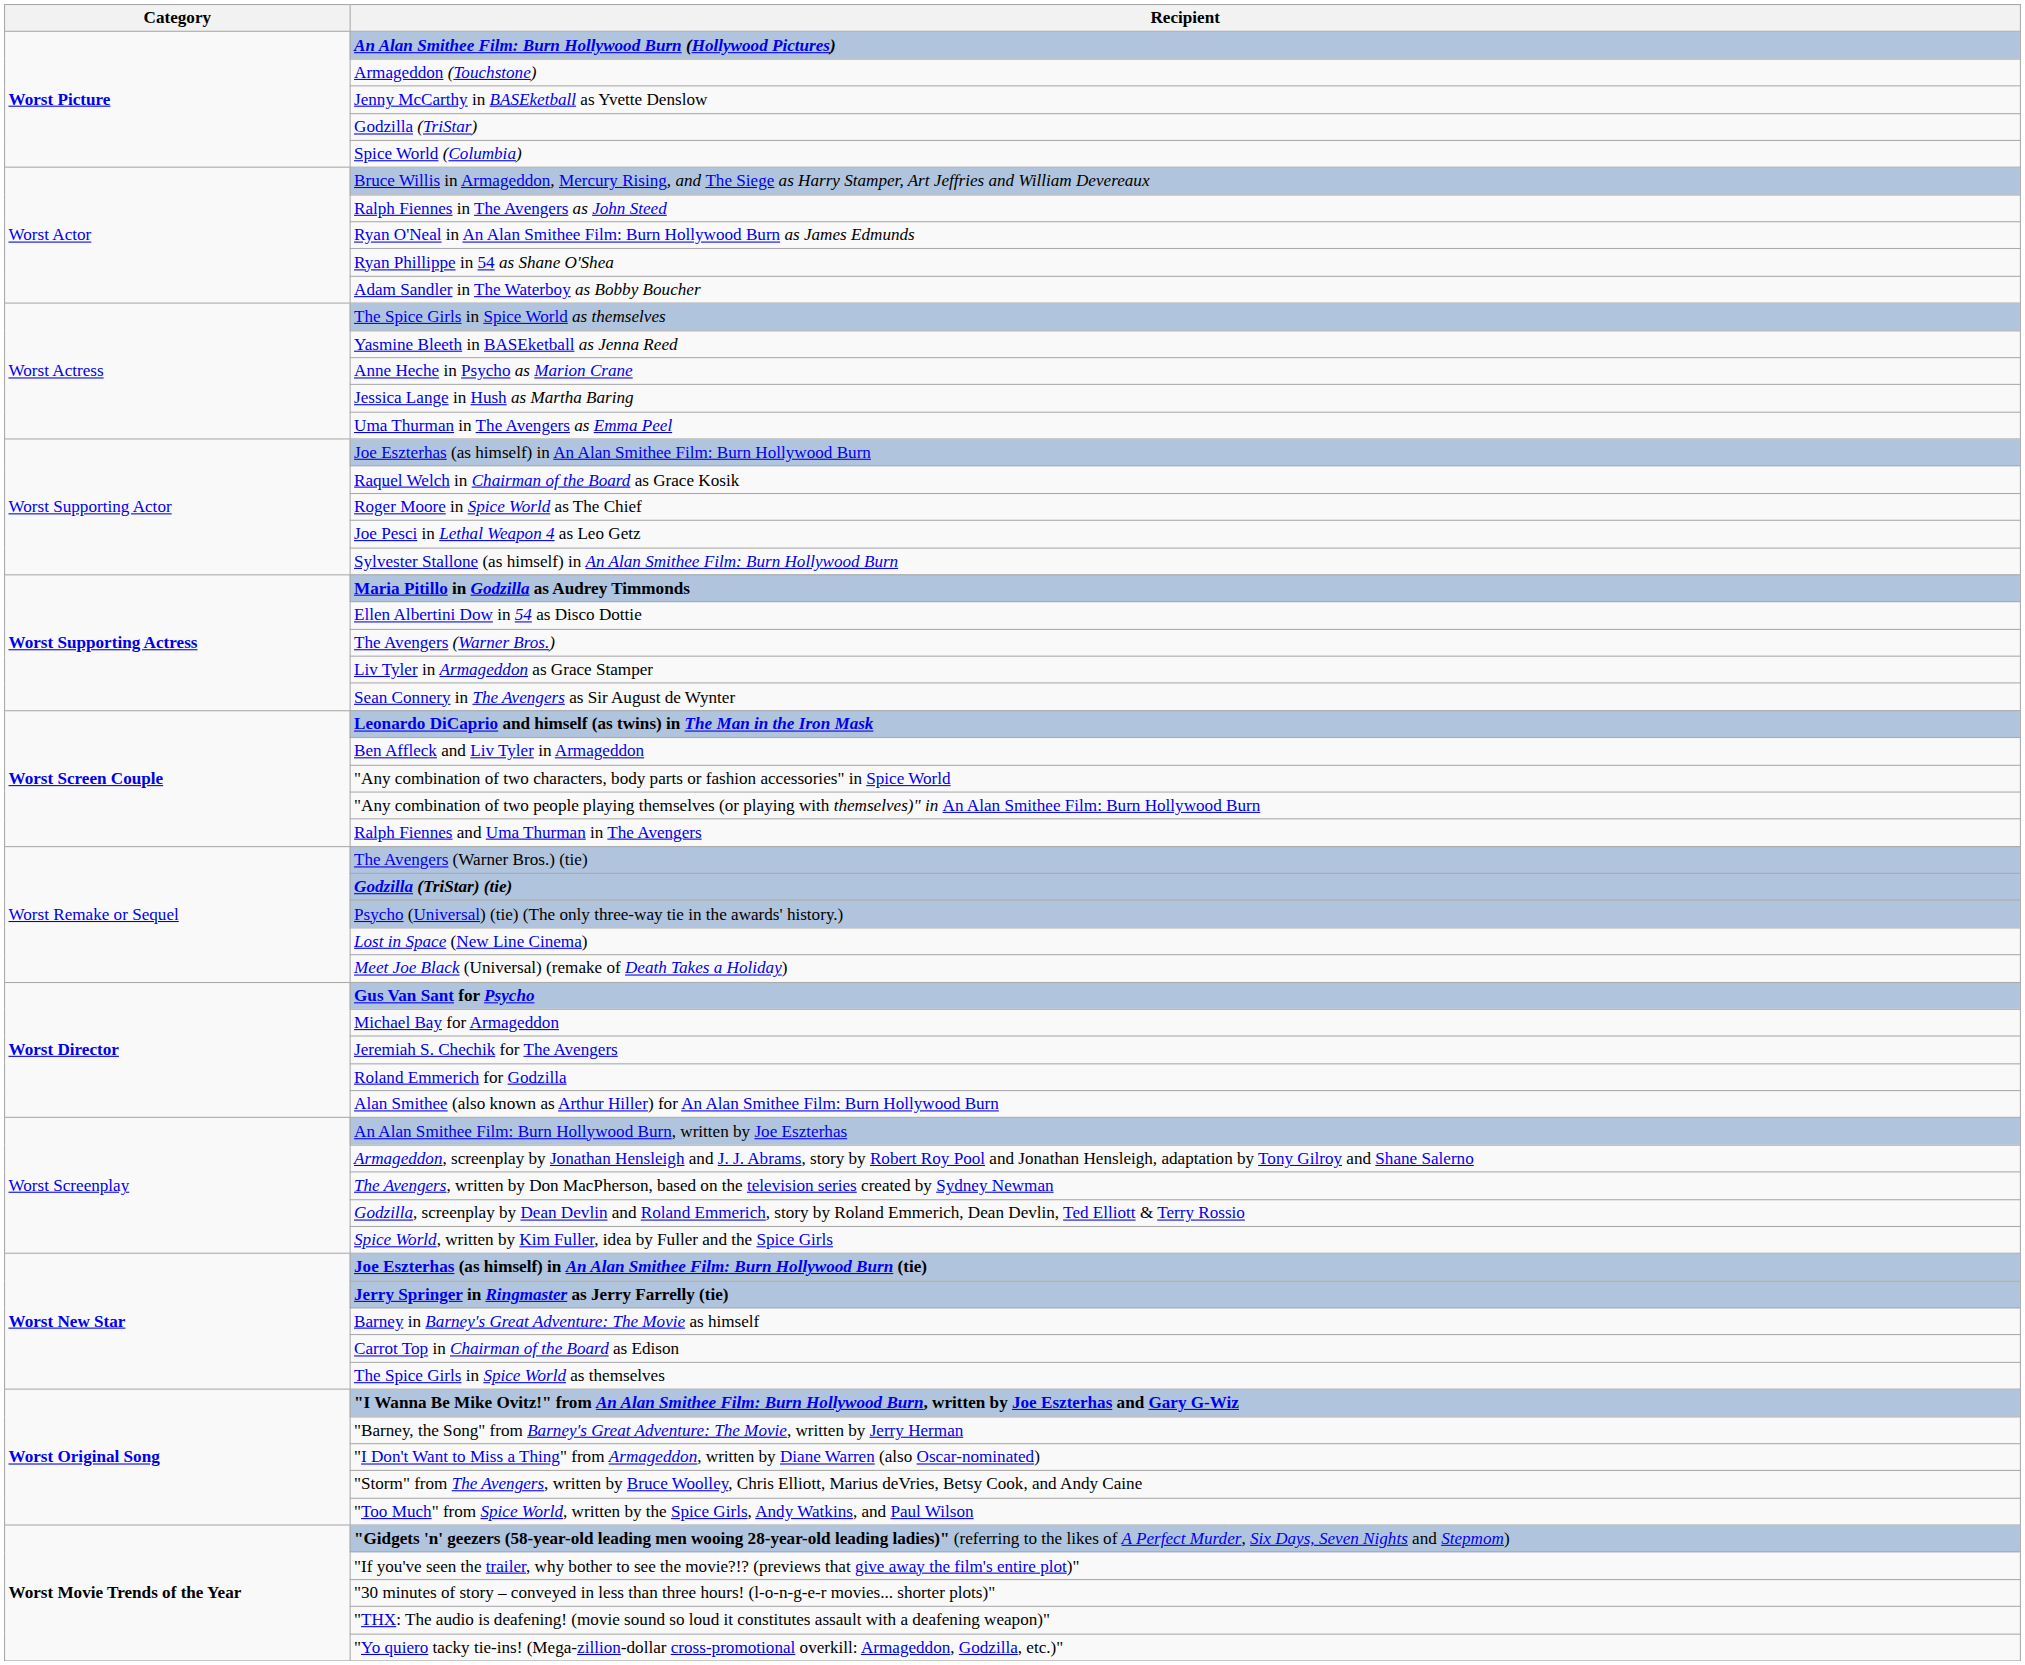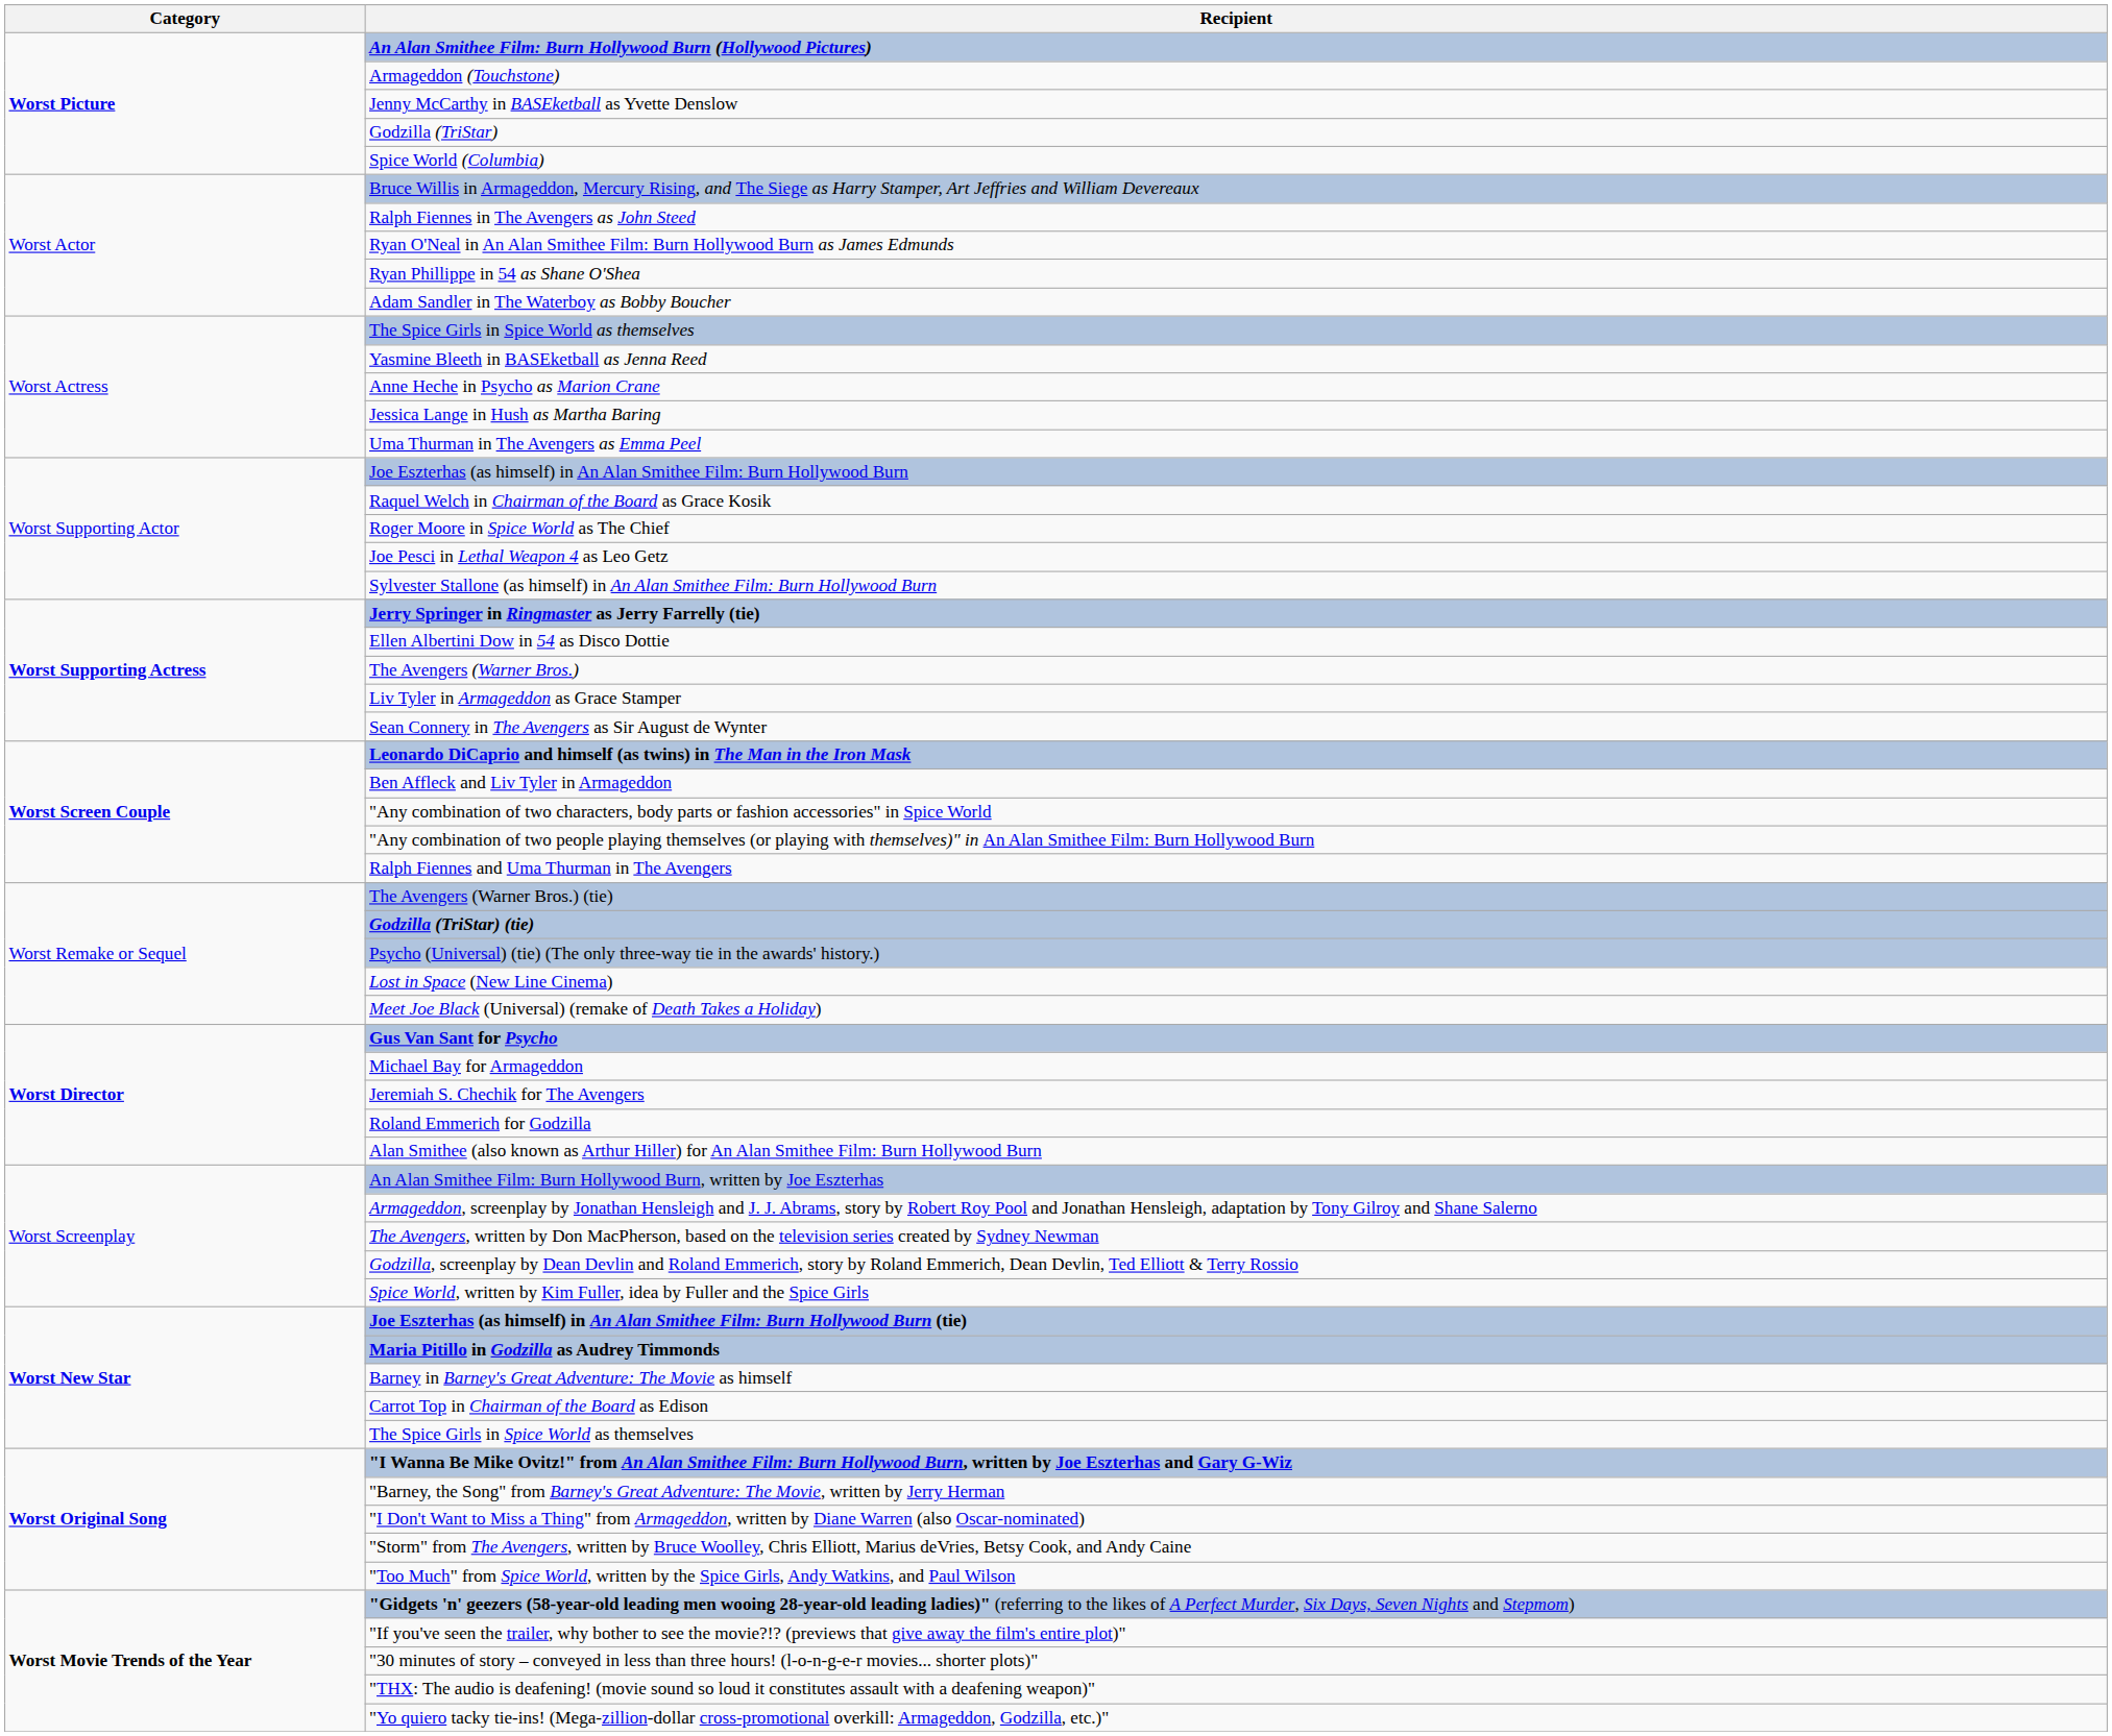 <table class="wikitable" width="95%" align="centre">
 <tr>
 <th>Category</th>
 <th>Recipient</th>
 </tr>
 <tr>
 <td rowspan=5><strong><a href='#'>Worst Picture</a></strong></td>
 <td style="background:#B0C4DE;"><strong><em><a href='#'>An Alan Smithee Film: Burn Hollywood Burn</a><em> (<a href='#'>Hollywood Pictures</a>)<strong></td>
 </tr>
 <tr>
 <td></em><a href='#'>Armageddon</a><em> (<a href='#'>Touchstone</a>)</td>
 </tr>
 <tr>
 <td><a href='#'>Jenny McCarthy</a> in <em><a href='#'>BASEketball</a></em> as Yvette Denslow</td>
 </tr>
 <tr>
 <td></em><a href='#'>Godzilla</a><em> (<a href='#'>TriStar</a>)</td>
 </tr>
 <tr>
 <td></em><a href='#'>Spice World</a><em> (<a href='#'>Columbia</a>)</td>
 </tr>
 <tr>
 <td rowspan=5></strong><a href='#'>Worst Actor</a><strong></td>
 <td style="background:#B0C4DE;"></strong><a href='#'>Bruce Willis</a> in </em><a href='#'>Armageddon</a><em>, </em><a href='#'>Mercury Rising</a><em>, and </em><a href='#'>The Siege</a><em> as Harry Stamper, Art Jeffries and William Devereaux<strong></td>
 </tr>
 <tr>
 <td><a href='#'>Ralph Fiennes</a> in </em><a href='#'>The Avengers</a><em> as <a href='#'>John Steed</a></td>
 </tr>
 <tr>
 <td><a href='#'>Ryan O'Neal</a> in </em><a href='#'>An Alan Smithee Film: Burn Hollywood Burn</a><em> as James Edmunds</td>
 </tr>
 <tr>
 <td><a href='#'>Ryan Phillippe</a> in </em><a href='#'>54</a><em> as Shane O'Shea</td>
 </tr>
 <tr>
 <td><a href='#'>Adam Sandler</a> in </em><a href='#'>The Waterboy</a><em> as Bobby Boucher</td>
 </tr>
 <tr>
 <td rowspan=5></strong><a href='#'>Worst Actress</a><strong></td>
 <td style="background:#B0C4DE;"></strong><a href='#'>The Spice Girls</a> in </em><a href='#'>Spice World</a><em> as themselves<strong></td>
 </tr>
 <tr>
 <td><a href='#'>Yasmine Bleeth</a> in </em><a href='#'>BASEketball</a><em> as Jenna Reed</td>
 </tr>
 <tr>
 <td><a href='#'>Anne Heche</a> in </em><a href='#'>Psycho</a><em> as <a href='#'>Marion Crane</a></td>
 </tr>
 <tr>
 <td><a href='#'>Jessica Lange</a> in </em><a href='#'>Hush</a><em> as Martha Baring</td>
 </tr>
 <tr>
 <td><a href='#'>Uma Thurman</a> in </em><a href='#'>The Avengers</a><em> as <a href='#'>Emma Peel</a></td>
 </tr>
 <tr>
 <td rowspan=5></strong><a href='#'>Worst Supporting Actor</a><strong></td>
 <td style="background:#B0C4DE;"></strong><a href='#'>Joe Eszterhas</a> (as himself) in </em><a href='#'>An Alan Smithee Film: Burn Hollywood Burn</a></em></strong></td>
 </tr>
 <tr>
 <td><a href='#'>Raquel Welch</a> in <em><a href='#'>Chairman of the Board</a></em> as Grace Kosik</td>
 </tr>
 <tr>
 <td><a href='#'>Roger Moore</a> in <em><a href='#'>Spice World</a></em> as The Chief</td>
 </tr>
 <tr>
 <td><a href='#'>Joe Pesci</a> in <em><a href='#'>Lethal Weapon 4</a></em> as Leo Getz</td>
 </tr>
 <tr>
 <td><a href='#'>Sylvester Stallone</a> (as himself) in <em><a href='#'>An Alan Smithee Film: Burn Hollywood Burn</a></em></td>
 </tr>
 <tr>
 <td rowspan=5><strong><a href='#'>Worst Supporting Actress</a></strong></td>
-<td style="background:#B0C4DE;"><strong><a href='#'>Maria Pitillo</a> in <em><a href='#'>Godzilla</a></em> as Audrey Timmonds</strong></td>
+<td style="background:#B0C4DE;"><strong><a href='#'>Jerry Springer</a> in <em><a href='#'>Ringmaster</a></em> as Jerry Farrelly (tie)</strong></td>
 </tr>
 <tr>
 <td><a href='#'>Ellen Albertini Dow</a> in <em><a href='#'>54</a></em> as Disco Dottie</td>
 </tr>
 <tr>
 <td></em><a href='#'>The Avengers</a><em> (<a href='#'>Warner Bros.</a>)</td>
 </tr>
 <tr>
 <td><a href='#'>Liv Tyler</a> in <em><a href='#'>Armageddon</a></em> as Grace Stamper</td>
 </tr>
 <tr>
 <td><a href='#'>Sean Connery</a> in <em><a href='#'>The Avengers</a></em> as Sir August de Wynter</td>
 </tr>
 <tr>
 <td rowspan=5><strong><a href='#'>Worst Screen Couple</a></strong></td>
 <td style="background:#B0C4DE;"><strong><a href='#'>Leonardo DiCaprio</a> and himself (as twins) in <em><a href='#'>The Man in the Iron Mask</a><strong><em></td>
 </tr>
 <tr>
 <td><a href='#'>Ben Affleck</a> and <a href='#'>Liv Tyler</a> in </em><a href='#'>Armageddon</a><em></td>
 </tr>
 <tr>
 <td>"Any combination of two characters, body parts or fashion accessories" in </em><a href='#'>Spice World</a><em></td>
 </tr>
 <tr>
 <td>"Any combination of two people playing themselves (or playing </em>with<em> themselves)" in </em><a href='#'>An Alan Smithee Film: Burn Hollywood Burn</a><em></td>
 </tr>
 <tr>
 <td><a href='#'>Ralph Fiennes</a> and <a href='#'>Uma Thurman</a> in </em><a href='#'>The Avengers</a><em></td>
 </tr>
 <tr>
 <td rowspan=5></strong><a href='#'>Worst Remake or Sequel</a><strong></td>
 <td style="background:#B0C4DE;"></em></strong><a href='#'>The Avengers</a></em> (Warner Bros.) (tie)</strong></td>
 </tr>
 <tr>
 <td style="background:#B0C4DE;"><strong><em><a href='#'>Godzilla</a><em> (TriStar) (tie)<strong></td>
 </tr>
 <tr>
 <td style="background:#B0C4DE;"></em></strong><a href='#'>Psycho</a></em> (<a href='#'>Universal</a>) (tie)</strong> (The only three-way tie in the awards' history.)</td>
 </tr>
 <tr>
 <td><em><a href='#'>Lost in Space</a></em> (<a href='#'>New Line Cinema</a>)</td>
 </tr>
 <tr>
 <td><em><a href='#'>Meet Joe Black</a></em> (Universal) (remake of <em><a href='#'>Death Takes a Holiday</a></em>)</td>
 </tr>
 <tr>
 <td rowspan=5><strong><a href='#'>Worst Director</a></strong></td>
 <td style="background:#B0C4DE;"><strong><a href='#'>Gus Van Sant</a> for <em><a href='#'>Psycho</a><strong><em></td>
 </tr>
 <tr>
 <td><a href='#'>Michael Bay</a> for </em><a href='#'>Armageddon</a><em></td>
 </tr>
 <tr>
 <td><a href='#'>Jeremiah S. Chechik</a> for </em><a href='#'>The Avengers</a><em></td>
 </tr>
 <tr>
 <td><a href='#'>Roland Emmerich</a> for </em><a href='#'>Godzilla</a><em></td>
 </tr>
 <tr>
 <td><a href='#'>Alan Smithee</a> (also known as <a href='#'>Arthur Hiller</a>) for </em><a href='#'>An Alan Smithee Film: Burn Hollywood Burn</a><em></td>
 </tr>
 <tr>
 <td rowspan=5></strong><a href='#'>Worst Screenplay</a><strong></td>
 <td style="background:#B0C4DE;"></em></strong><a href='#'>An Alan Smithee Film: Burn Hollywood Burn</a></em>, written by <a href='#'>Joe Eszterhas</a></strong></td>
 </tr>
 <tr>
 <td><em><a href='#'>Armageddon</a></em>, screenplay by <a href='#'>Jonathan Hensleigh</a> and <a href='#'>J. J. Abrams</a>, story by <a href='#'>Robert Roy Pool</a> and Jonathan Hensleigh, adaptation by <a href='#'>Tony Gilroy</a> and <a href='#'>Shane Salerno</a></td>
 </tr>
 <tr>
 <td><em><a href='#'>The Avengers</a></em>, written by Don MacPherson, based on the <a href='#'>television series</a> created by <a href='#'>Sydney Newman</a></td>
 </tr>
 <tr>
 <td><em><a href='#'>Godzilla</a></em>, screenplay by <a href='#'>Dean Devlin</a> and <a href='#'>Roland Emmerich</a>, story by Roland Emmerich, Dean Devlin, <a href='#'>Ted Elliott</a> & <a href='#'>Terry Rossio</a></td>
 </tr>
 <tr>
 <td><em><a href='#'>Spice World</a></em>, written by <a href='#'>Kim Fuller</a>, idea by Fuller and the <a href='#'>Spice Girls</a></td>
 </tr>
 <tr>
 <td rowspan=5><strong><a href='#'>Worst New Star</a></strong></td>
 <td style="background:#B0C4DE;"><strong><a href='#'>Joe Eszterhas</a> (as himself) in <em><a href='#'>An Alan Smithee Film: Burn Hollywood Burn</a></em> (tie)</strong></td>
 </tr>
 <tr>
-<td style="background:#B0C4DE;"><strong><a href='#'>Jerry Springer</a> in <em><a href='#'>Ringmaster</a></em> as Jerry Farrelly (tie)</strong></td>
+<td style="background:#B0C4DE;"><strong><a href='#'>Maria Pitillo</a> in <em><a href='#'>Godzilla</a></em> as Audrey Timmonds</strong></td>
 </tr>
 <tr>
 <td><a href='#'>Barney</a> in <em><a href='#'>Barney's Great Adventure: The Movie</a></em> as himself</td>
 </tr>
 <tr>
 <td><a href='#'>Carrot Top</a> in <em><a href='#'>Chairman of the Board</a></em> as Edison</td>
 </tr>
 <tr>
 <td><a href='#'>The Spice Girls</a> in <em><a href='#'>Spice World</a></em> as themselves</td>
 </tr>
 <tr>
 <td rowspan=5><strong><a href='#'>Worst Original Song</a></strong></td>
 <td style="background:#B0C4DE;"><strong>"I Wanna Be Mike Ovitz!" from <em><a href='#'>An Alan Smithee Film: Burn Hollywood Burn</a></em>, written by <a href='#'>Joe Eszterhas</a> and <a href='#'>Gary G-Wiz</a></strong></td>
 </tr>
 <tr>
 <td>"Barney, the Song" from <em><a href='#'>Barney's Great Adventure: The Movie</a></em>, written by <a href='#'>Jerry Herman</a></td>
 </tr>
 <tr>
 <td>"<a href='#'>I Don't Want to Miss a Thing</a>" from <em><a href='#'>Armageddon</a></em>, written by <a href='#'>Diane Warren</a> (also <a href='#'>Oscar-nominated</a>)</td>
 </tr>
 <tr>
 <td>"Storm" from <em><a href='#'>The Avengers</a></em>, written by <a href='#'>Bruce Woolley</a>, Chris Elliott, Marius deVries, Betsy Cook, and Andy Caine</td>
 </tr>
 <tr>
 <td>"<a href='#'>Too Much</a>" from <em><a href='#'>Spice World</a></em>, written by the <a href='#'>Spice Girls</a>, <a href='#'>Andy Watkins</a>, and <a href='#'>Paul Wilson</a></td>
 </tr>
 <tr>
 <td rowspan=5><strong>Worst Movie Trends of the Year</strong></td>
 <td style="background:#B0C4DE;"><strong>"Gidgets 'n' geezers (58-year-old leading men wooing 28-year-old leading ladies)"</strong> (referring to the likes of <em><a href='#'>A Perfect Murder</a></em>, <em><a href='#'>Six Days, Seven Nights</a></em> and <em><a href='#'>Stepmom</a></em>)</td>
 </tr>
 <tr>
 <td>"If you've seen the <a href='#'>trailer</a>, why bother to see the movie?!? (previews that <a href='#'>give away the film's entire plot</a>)"</td>
 </tr>
 <tr>
 <td>"30 minutes of story – conveyed in less than three hours! (l-o-n-g-e-r movies... shorter plots)"</td>
 </tr>
 <tr>
 <td>"<a href='#'>THX</a>: The audio is deafening! (movie sound so loud it constitutes assault with a deafening weapon)"</td>
 </tr>
 <tr>
 <td>"<a href='#'>Yo quiero</a> tacky tie-ins! (Mega-<a href='#'>zillion</a>-dollar <a href='#'>cross-promotional</a> overkill: <a href='#'>Armageddon</a>, <a href='#'>Godzilla</a>, etc.)"</td>
 </tr>
 </table>
